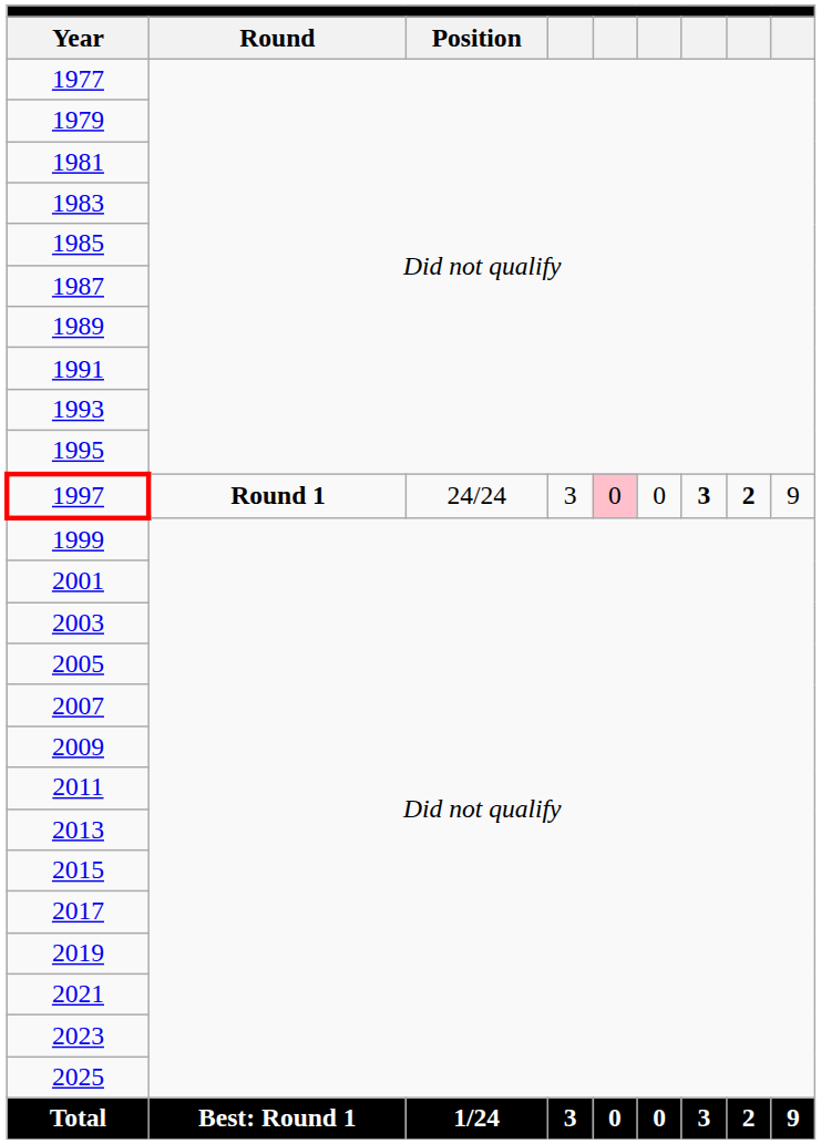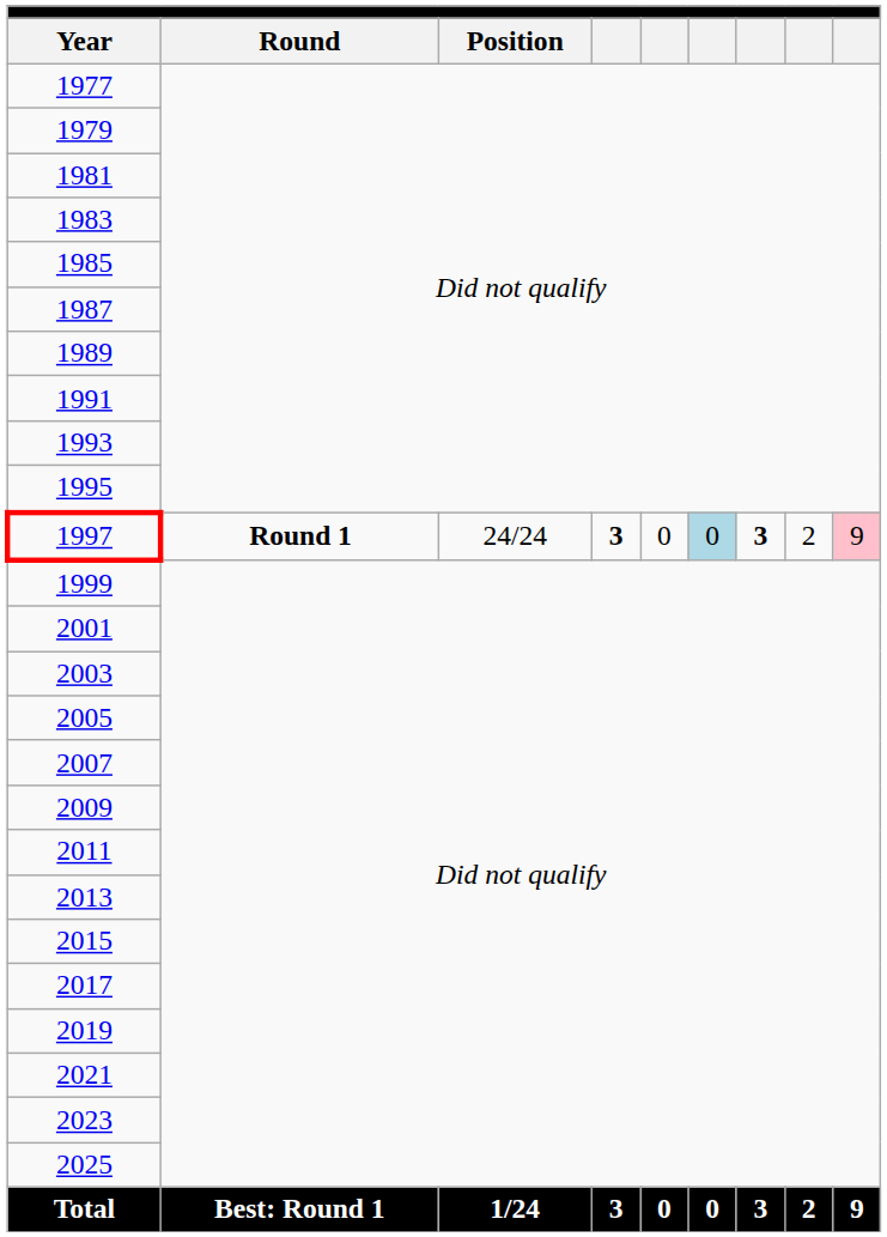 <table class="wikitable" style="text-align: center;">
 <tr>
 <th colspan=9 style="background: #000000; color: #FFFFFF;"><a href='#'></a></th>
 </tr>
 <tr>
 <th width=80>Year</th>
 <th width=150>Round</th>
 <th width=80>Position</th>
 <th width=20></th>
 <th width=20></th>
 <th width=20></th>
 <th width=20></th>
 <th width=20></th>
 <th width=20></th>
 </tr>
 <tr>
 <td> <a href='#'>1977</a></td>
 <td rowspan=10 colspan=8><em>Did not qualify</em></td>
 </tr>
 <tr>
 <td> <a href='#'>1979</a></td>
 </tr>
 <tr>
 <td> <a href='#'>1981</a></td>
 </tr>
 <tr>
 <td> <a href='#'>1983</a></td>
 </tr>
 <tr>
 <td> <a href='#'>1985</a></td>
 </tr>
 <tr>
 <td> <a href='#'>1987</a></td>
 </tr>
 <tr>
 <td> <a href='#'>1989</a></td>
 </tr>
 <tr>
 <td> <a href='#'>1991</a></td>
 </tr>
 <tr>
 <td> <a href='#'>1993</a></td>
 </tr>
 <tr>
 <td> <a href='#'>1995</a></td>
 </tr>
 <tr>
 <td style="border: 3px solid red"> <a href='#'>1997</a></td>
 <td><strong>Round 1</strong></td>
 <td>24/24</td>
-<td>3</td>
-<td style="background: pink;">0</td>
+<td><strong>3</strong></td>
 <td>0</td>
+<td style="background: lightblue;">0</td>
 <td><strong>3</strong></td>
-<td><strong>2</strong></td>
-<td>9</td>
+<td>2</td>
+<td style="background: pink;">9</td>
 </tr>
 <tr>
 <td> <a href='#'>1999</a></td>
 <td rowspan=14 colspan=8><em>Did not qualify</em></td>
 </tr>
 <tr>
 <td> <a href='#'>2001</a></td>
 </tr>
 <tr>
 <td> <a href='#'>2003</a></td>
 </tr>
 <tr>
 <td> <a href='#'>2005</a></td>
 </tr>
 <tr>
 <td> <a href='#'>2007</a></td>
 </tr>
 <tr>
 <td> <a href='#'>2009</a></td>
 </tr>
 <tr>
 <td> <a href='#'>2011</a></td>
 </tr>
 <tr>
 <td> <a href='#'>2013</a></td>
 </tr>
 <tr>
 <td> <a href='#'>2015</a></td>
 </tr>
 <tr>
 <td> <a href='#'>2017</a></td>
 </tr>
 <tr>
 <td> <a href='#'>2019</a></td>
 </tr>
 <tr>
 <td> <a href='#'>2021</a></td>
 </tr>
 <tr>
 <td> <a href='#'>2023</a></td>
 </tr>
 <tr>
 <td> <a href='#'>2025</a></td>
 </tr>
 <tr>
 <td style="background: #000000; color: #FFFFFF;"><strong>Total</strong></td>
 <td style="background: #000000; color: #FFFFFF;"><strong>Best: Round 1</strong></td>
 <td style="background: #000000; color: #FFFFFF;"><strong>1/24</strong></td>
 <td style="background: #000000; color: #FFFFFF;"><strong>3</strong></td>
 <td style="background: #000000; color: #FFFFFF;"><strong>0</strong></td>
 <td style="background: #000000; color: #FFFFFF;"><strong>0</strong></td>
 <td style="background: #000000; color: #FFFFFF;"><strong>3</strong></td>
 <td style="background: #000000; color: #FFFFFF;"><strong>2</strong></td>
 <td style="background: #000000; color: #FFFFFF;"><strong>9</strong></td>
 </tr>
 </table>
